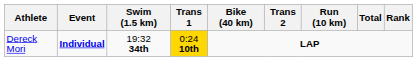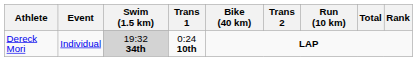 <table class="wikitable" style="font-size:90%">
 <tr>
 <th>Athlete</th>
 <th>Event</th>
 <th>Swim (1.5 km)</th>
 <th>Trans 1</th>
 <th>Bike (40 km)</th>
 <th>Trans 2</th>
 <th>Run (10 km)</th>
 <th>Total</th>
 <th>Rank</th>
 </tr>
 <tr>
 <td><a href='#'>Dereck Mori</a></td>
-<td><strong><a href='#'>Individual</a></strong></td>
-<td align=center>19:32<br><strong>34th</strong></td>
-<td align=center style="background: gold;">0:24<br><strong>10th</strong></td>
+<td><a href='#'>Individual</a></td>
+<td align=center style="background: lightgrey;">19:32<br><strong>34th</strong></td>
+<td align=center>0:24<br><strong>10th</strong></td>
 <td align=center colspan="7"><strong>LAP</strong></td>
 </tr>
 </table>
